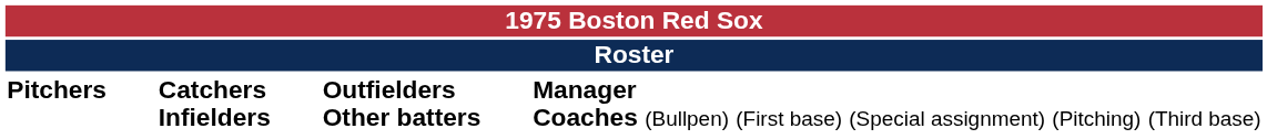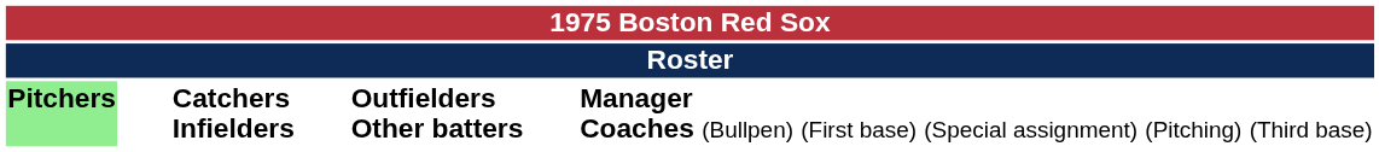 <table class="toccolours" style="text-align: left;">
 <tr>
 <th colspan="10" style="background-color: #ba313c; color: white; text-align: center;">1975 Boston Red Sox</th>
 </tr>
 <tr>
 <td colspan="10" style="background-color: #0d2b56; color: white; text-align: center;"><strong>Roster</strong></td>
 </tr>
 <tr>
-<td valign="top"><strong>Pitchers</strong><br>           </td>
+<td valign="top" style="background: lightgreen;"><strong>Pitchers</strong><br>           </td>
 <td width="25px"></td>
 <td valign="top"><strong>Catchers</strong><br>     <strong>Infielders</strong>             </td>
 <td width="25px"></td>
 <td valign="top"><strong>Outfielders</strong><br>      <strong>Other batters</strong> </td>
 <td width="25px"></td>
 <td valign="top"><strong>Manager</strong><br> <strong>Coaches</strong>  <small>(Bullpen)</small>  <small>(First base)</small>  <small>(Special assignment)</small>  <small>(Pitching)</small>  <small>(Third base)</small></td>
 </tr>
 <tr>
 </tr>
 </table>
